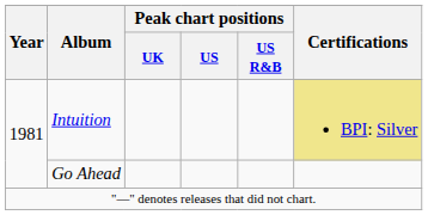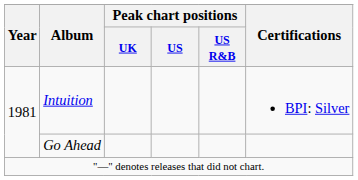 <table class="wikitable">
 <tr>
 </tr>
 <tr>
 <th scope="col" rowspan="2">Year</th>
 <th scope="col" rowspan="2">Album</th>
 <th scope="col" colspan="3">Peak chart positions</th>
 <th scope="col" rowspan="2">Certifications</th>
 </tr>
 <tr>
 <th style="width:45px;"><small><a href='#'>UK</a></small><br></th>
 <th style="width:45px;"><small><a href='#'>US</a></small><br></th>
 <th style="width:45px;"><small><a href='#'>US R&B</a></small><br></th>
 </tr>
 <tr>
 <td rowspan="2">1981</td>
 <td><em><a href='#'>Intuition</a></em></td>
 <td></td>
 <td></td>
 <td></td>
-<td style="background: khaki;"><br><ul><li><a href='#'>BPI</a>: <a href='#'>Silver</a></li></ul></td>
+<td><br><ul><li><a href='#'>BPI</a>: <a href='#'>Silver</a></li></ul></td>
 </tr>
 <tr>
 <td><em>Go Ahead</em></td>
 <td></td>
 <td></td>
 <td></td>
 <td></td>
 </tr>
 <tr>
 <td colspan="6" style="text-align:center; font-size:9pt;">"—" denotes releases that did not chart.</td>
 </tr>
 </table>
